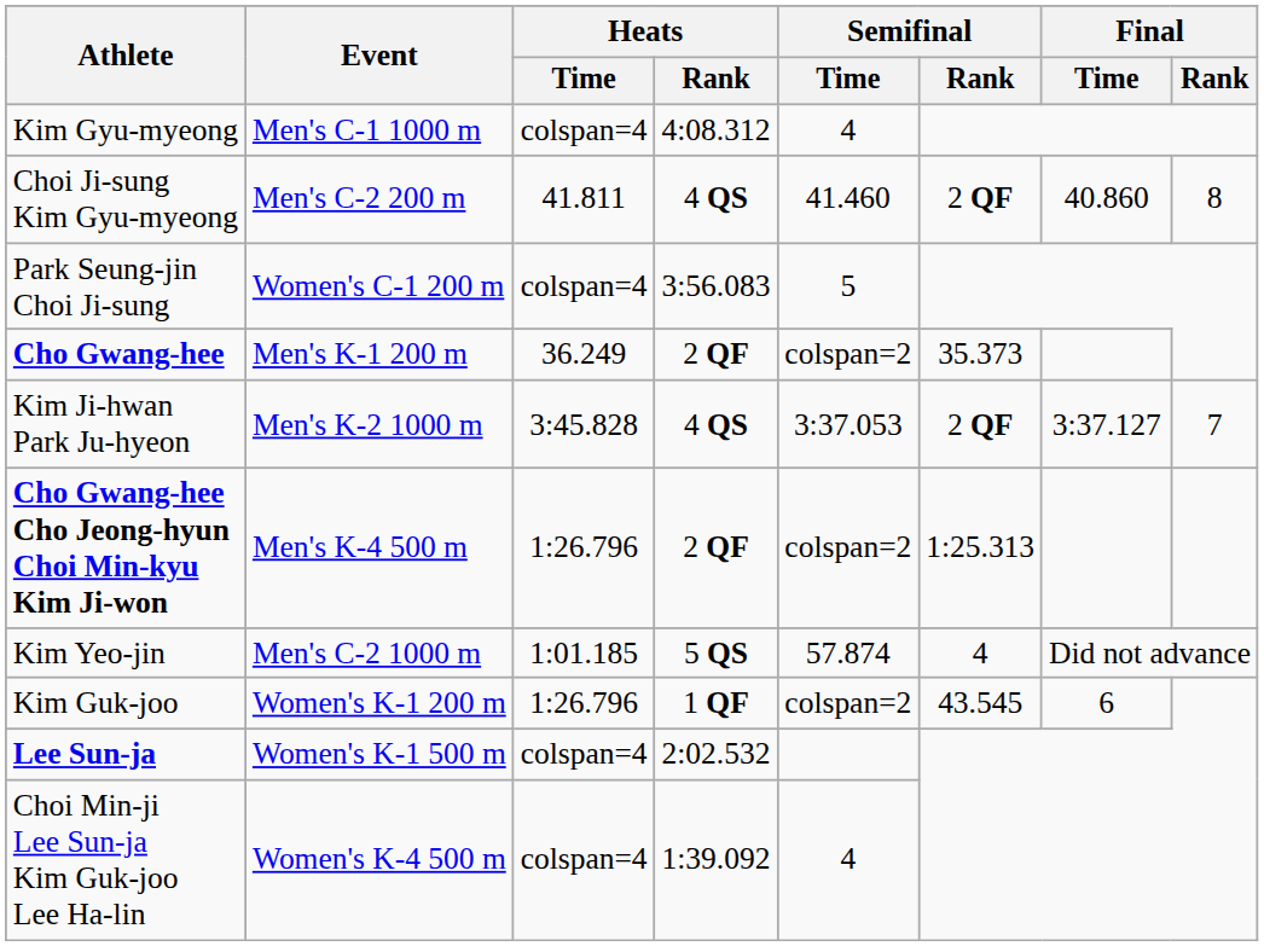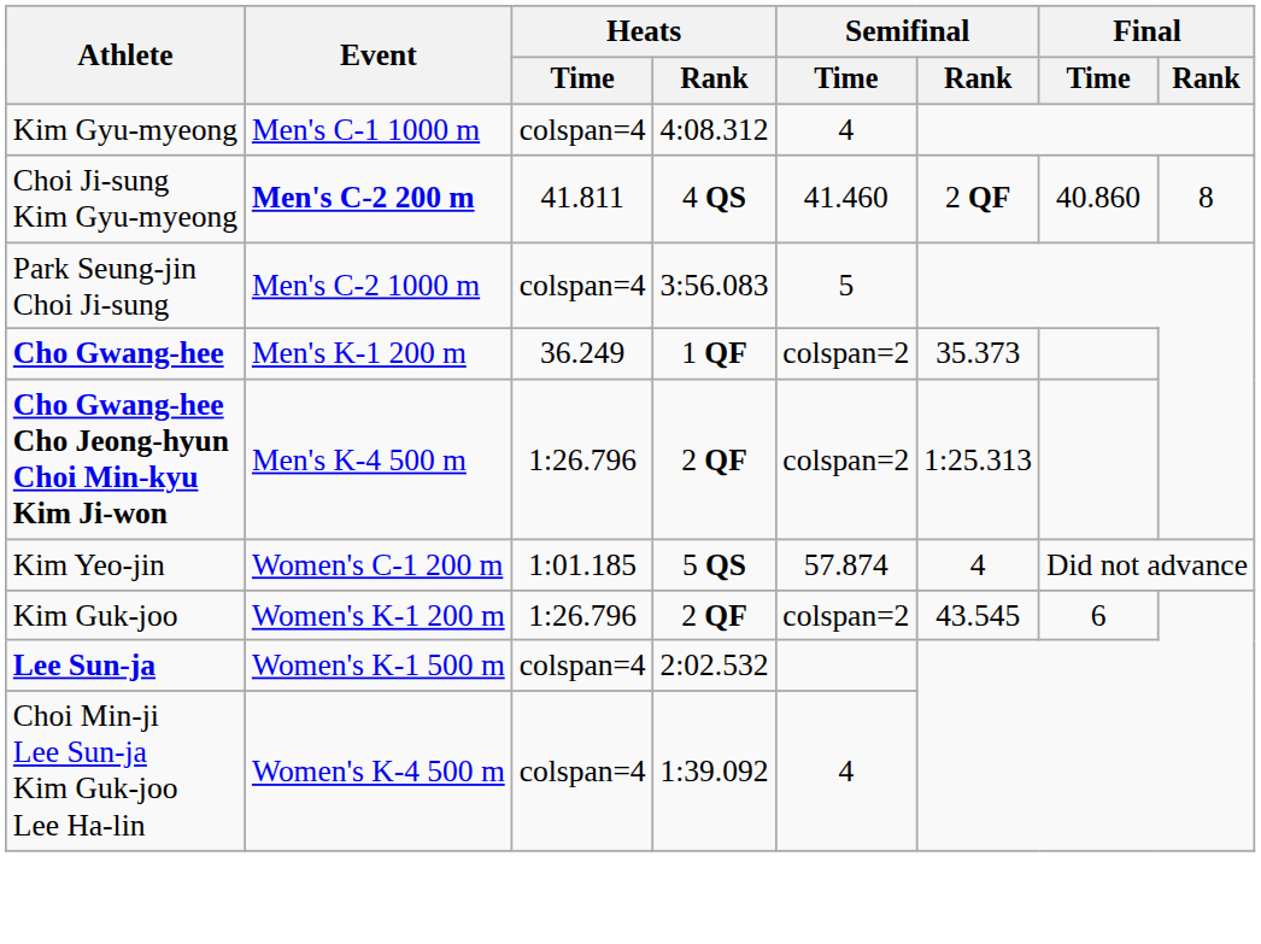 <table class=wikitable style=font-size:90%;text-align:center>
 <tr>
 <th rowspan=2>Athlete</th>
 <th rowspan=2>Event</th>
 <th colspan=2>Heats</th>
 <th colspan=2>Semifinal</th>
 <th colspan=2>Final</th>
 </tr>
 <tr style="font-size:95%">
 <th>Time</th>
 <th>Rank</th>
 <th>Time</th>
 <th>Rank</th>
 <th>Time</th>
 <th>Rank</th>
 </tr>
 <tr>
 <td align=left>Kim Gyu-myeong</td>
 <td align=left><a href='#'>Men's C-1 1000 m</a></td>
 <td>colspan=4 </td>
 <td>4:08.312</td>
 <td>4</td>
 </tr>
 <tr>
 <td align=left>Choi Ji-sung<br>Kim Gyu-myeong</td>
-<td align=left><a href='#'>Men's C-2 200 m</a></td>
+<td align=left><strong><a href='#'>Men's C-2 200 m</a></strong></td>
 <td>41.811</td>
 <td>4 <strong>QS</strong></td>
 <td>41.460</td>
 <td>2 <strong>QF</strong></td>
 <td>40.860</td>
 <td>8</td>
 </tr>
 <tr>
 <td align=left>Park Seung-jin<br>Choi Ji-sung</td>
-<td align=left><a href='#'>Women's C-1 200 m</a></td>
+<td align=left><a href='#'>Men's C-2 1000 m</a></td>
 <td>colspan=4 </td>
 <td>3:56.083</td>
 <td>5</td>
 </tr>
 <tr>
 <td align=left><strong><a href='#'>Cho Gwang-hee</a></strong></td>
 <td align=left><a href='#'>Men's K-1 200 m</a></td>
 <td>36.249</td>
-<td>2 <strong>QF</strong></td>
+<td>1 <strong>QF</strong></td>
 <td>colspan=2 </td>
 <td>35.373</td>
 <td></td>
-</tr>
-<tr>
-<td align=left>Kim Ji-hwan<br>Park Ju-hyeon</td>
-<td align=left><a href='#'>Men's K-2 1000 m</a></td>
-<td>3:45.828</td>
-<td>4 <strong>QS</strong></td>
-<td>3:37.053</td>
-<td>2 <strong>QF</strong></td>
-<td>3:37.127</td>
-<td>7</td>
 </tr>
 <tr>
 <td align=left><strong><a href='#'>Cho Gwang-hee</a><br>Cho Jeong-hyun<br><a href='#'>Choi Min-kyu</a><br>Kim Ji-won</strong></td>
 <td align=left><a href='#'>Men's K-4 500 m</a></td>
 <td>1:26.796</td>
 <td>2 <strong>QF</strong></td>
 <td>colspan=2 </td>
 <td>1:25.313</td>
 <td></td>
 </tr>
 <tr>
 <td align=left>Kim Yeo-jin</td>
-<td align=left><a href='#'>Men's C-2 1000 m</a></td>
+<td align=left><a href='#'>Women's C-1 200 m</a></td>
 <td>1:01.185</td>
 <td>5 <strong>QS</strong></td>
 <td>57.874</td>
 <td>4</td>
 <td colspan=2>Did not advance</td>
 </tr>
 <tr>
 <td align=left>Kim Guk-joo</td>
 <td align=left><a href='#'>Women's K-1 200 m</a></td>
 <td>1:26.796</td>
-<td>1 <strong>QF</strong></td>
+<td>2 <strong>QF</strong></td>
 <td>colspan=2 </td>
 <td>43.545</td>
 <td>6</td>
 </tr>
 <tr>
 <td align=left><strong><a href='#'>Lee Sun-ja</a></strong></td>
 <td align=left><a href='#'>Women's K-1 500 m</a></td>
 <td>colspan=4 </td>
 <td>2:02.532</td>
 <td></td>
 </tr>
 <tr>
 <td align=left>Choi Min-ji<br><a href='#'>Lee Sun-ja</a><br>Kim Guk-joo<br>Lee Ha-lin</td>
 <td align=left><a href='#'>Women's K-4 500 m</a></td>
 <td>colspan=4 </td>
 <td>1:39.092</td>
 <td>4</td>
 </tr>
 </table>
